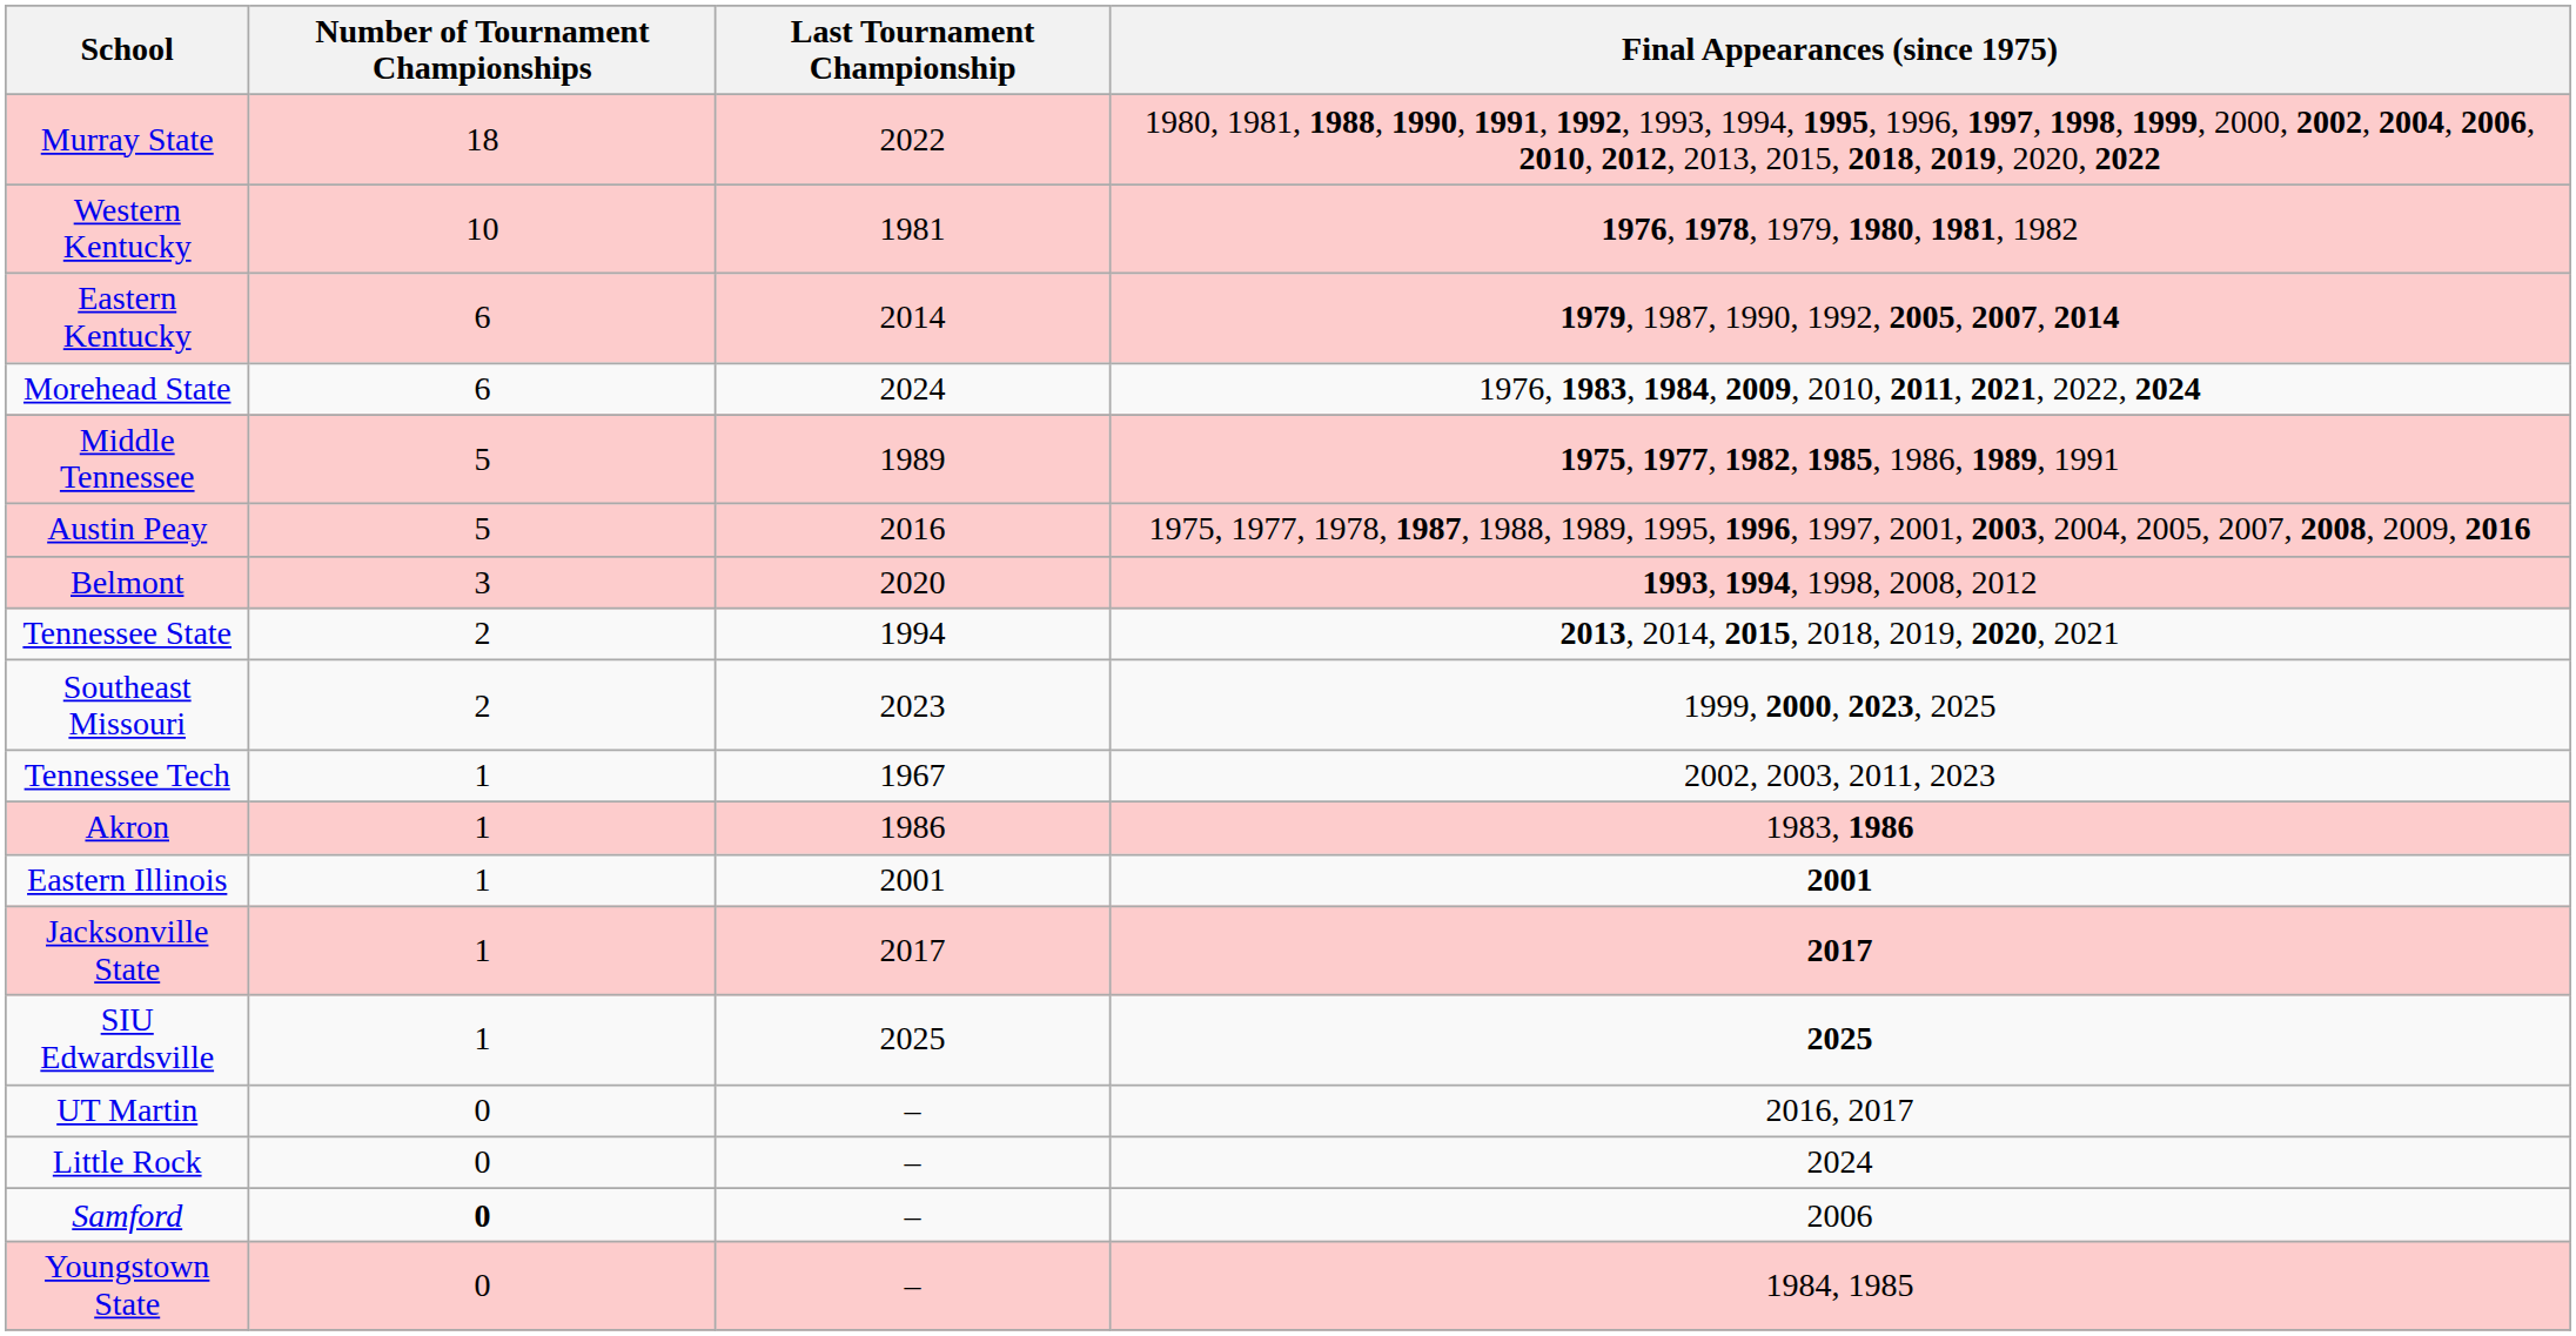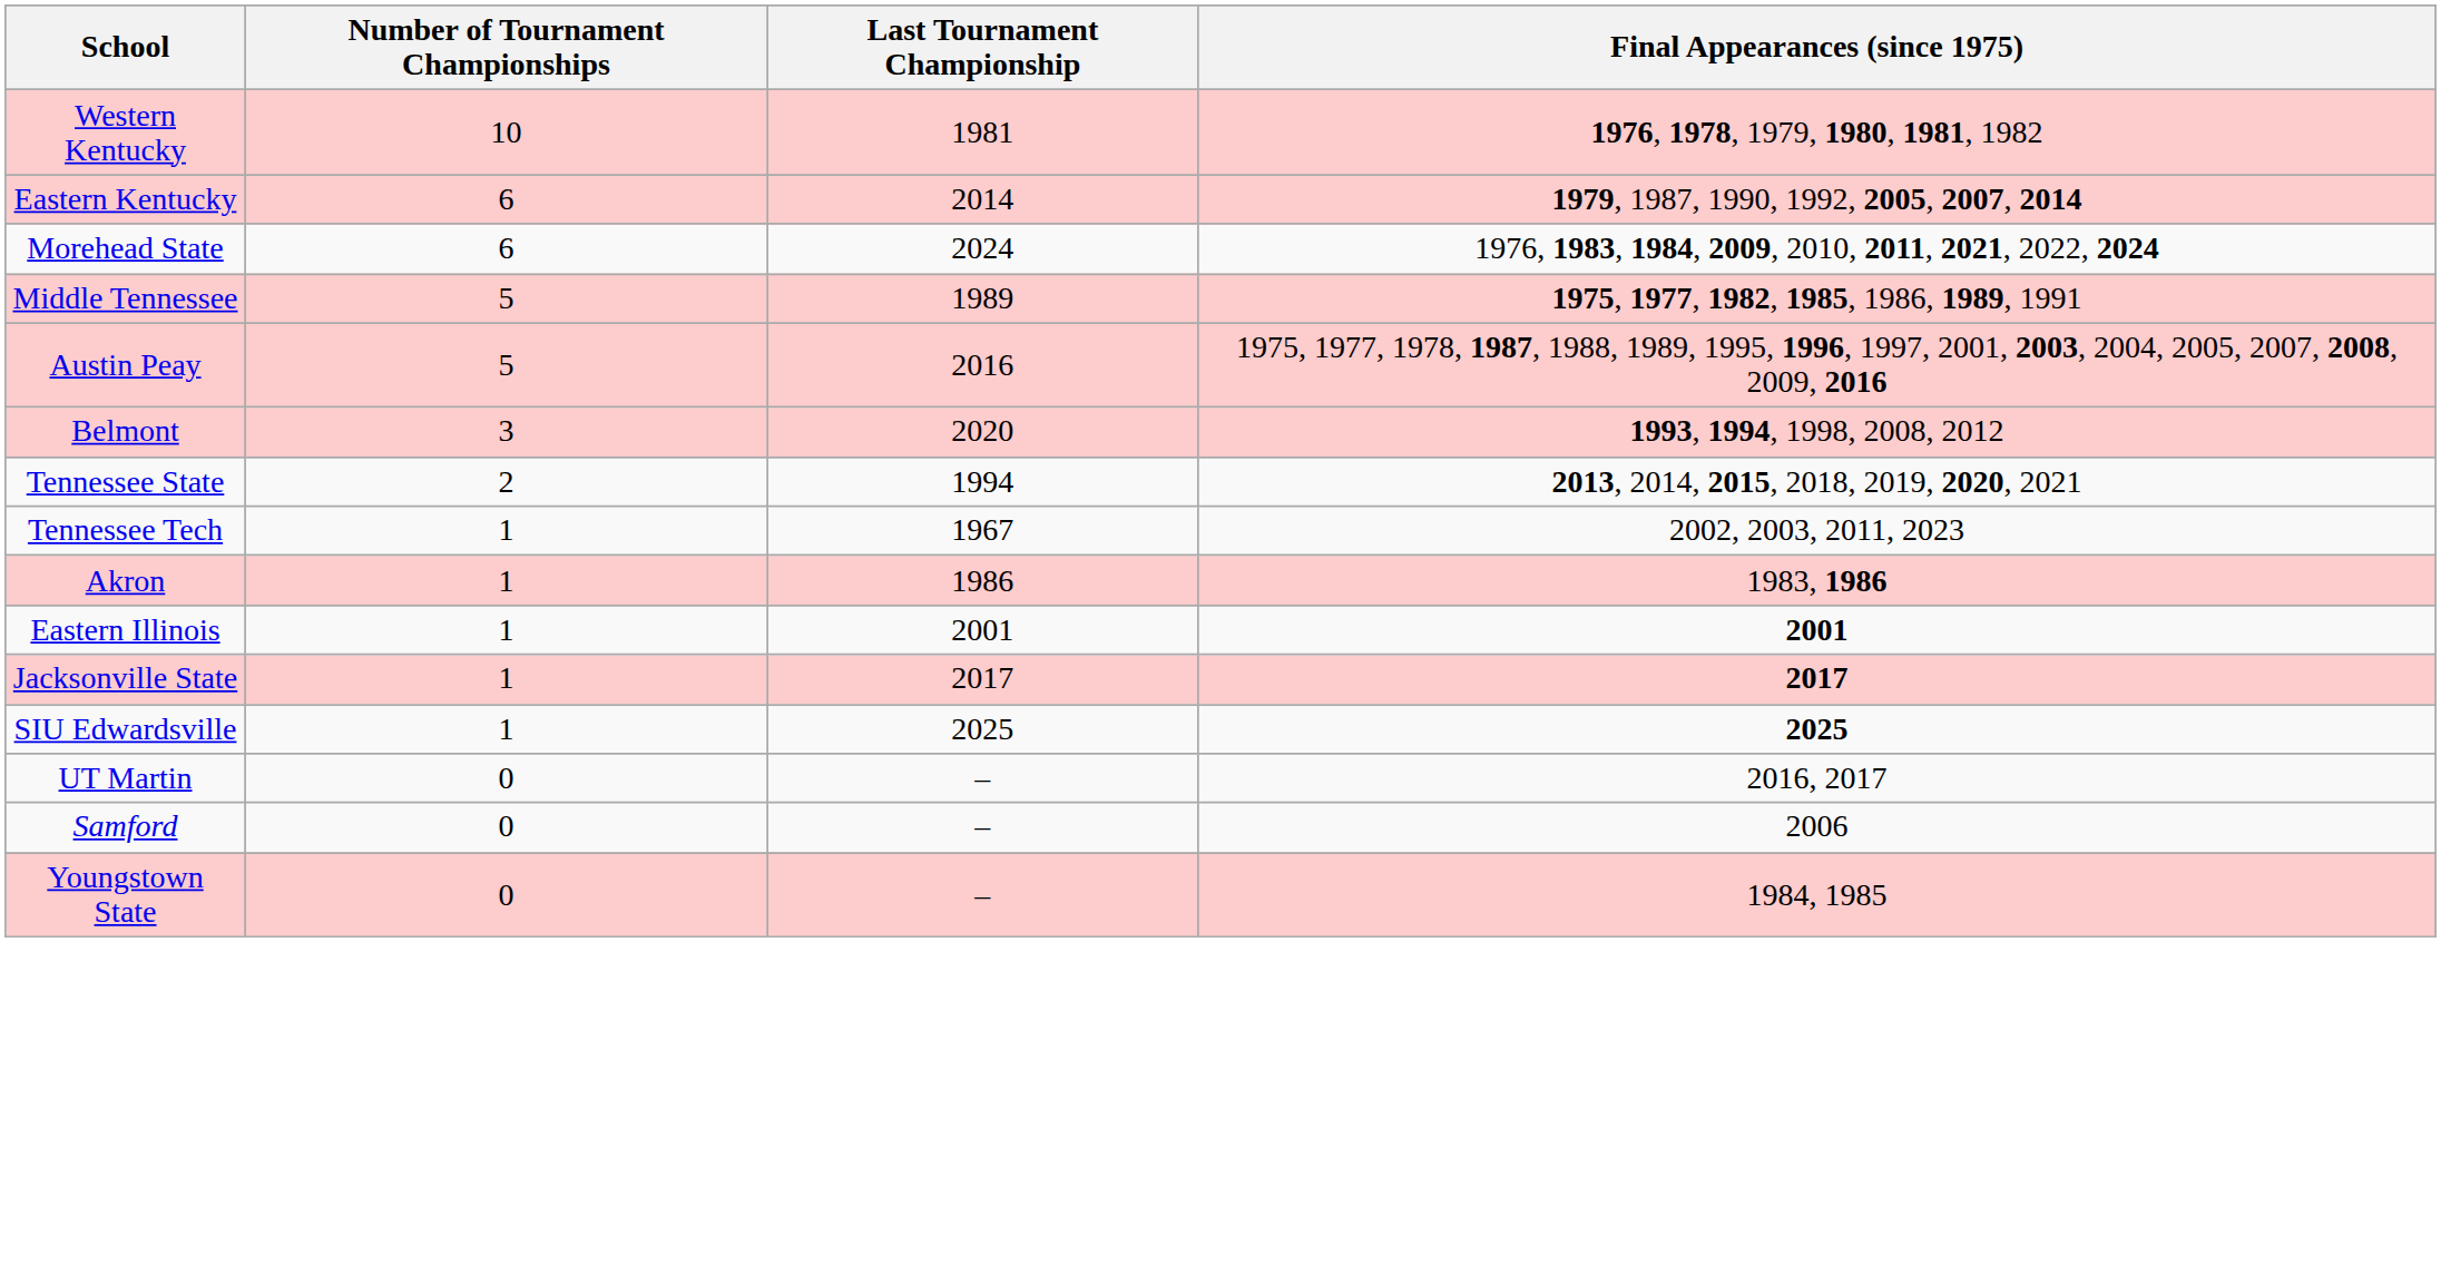 <table class="wikitable sortable" style="text-align:center">
 <tr>
 <th width=px>School</th>
 <th width=px>Number of Tournament Championships</th>
 <th width=px>Last Tournament Championship</th>
 <th width=px>Final Appearances (since 1975)</th>
-</tr>
-<tr bgcolor=#fdcccc>
-<td><a href='#'>Murray State</a></td>
-<td>18</td>
-<td>2022</td>
-<td>1980, 1981, <strong>1988</strong>, <strong>1990</strong>, <strong>1991</strong>, <strong>1992</strong>, 1993, 1994, <strong>1995</strong>, 1996, <strong>1997</strong>, <strong>1998</strong>, <strong>1999</strong>, 2000, <strong>2002</strong>, <strong>2004</strong>, <strong>2006</strong>, <strong>2010</strong>, <strong>2012</strong>, 2013, 2015, <strong>2018</strong>, <strong>2019</strong>, 2020, <strong>2022</strong></td>
 </tr>
 <tr bgcolor=#fdcccc>
 <td><a href='#'>Western Kentucky</a></td>
 <td>10</td>
 <td>1981</td>
 <td><strong>1976</strong>, <strong>1978</strong>, 1979, <strong>1980</strong>, <strong>1981</strong>, 1982</td>
 </tr>
 <tr bgcolor=#fdcccc>
 <td><a href='#'>Eastern Kentucky</a></td>
 <td>6</td>
 <td>2014</td>
 <td><strong>1979</strong>, 1987, 1990, 1992, <strong>2005</strong>, <strong>2007</strong>, <strong>2014</strong></td>
 </tr>
 <tr>
 <td><a href='#'>Morehead State</a></td>
 <td>6</td>
 <td>2024</td>
 <td>1976, <strong>1983</strong>, <strong>1984</strong>, <strong>2009</strong>, 2010, <strong>2011</strong>, <strong>2021</strong>, 2022, <strong>2024</strong></td>
 </tr>
 <tr bgcolor=#fdcccc>
 <td><a href='#'>Middle Tennessee</a></td>
 <td>5</td>
 <td>1989</td>
 <td><strong>1975</strong>, <strong>1977</strong>, <strong>1982</strong>, <strong>1985</strong>, 1986, <strong>1989</strong>, 1991</td>
 </tr>
 <tr bgcolor=#fdcccc>
 <td><a href='#'>Austin Peay</a></td>
 <td>5</td>
 <td>2016</td>
 <td>1975, 1977, 1978, <strong>1987</strong>, 1988, 1989, 1995, <strong>1996</strong>, 1997, 2001, <strong>2003</strong>, 2004, 2005, 2007, <strong>2008</strong>, 2009, <strong>2016</strong></td>
 </tr>
 <tr bgcolor=#fdcccc>
 <td><a href='#'>Belmont</a></td>
 <td>3</td>
 <td>2020</td>
 <td><strong>1993</strong>, <strong>1994</strong>, 1998, 2008, 2012</td>
 </tr>
 <tr>
 <td><a href='#'>Tennessee State</a></td>
 <td>2</td>
 <td>1994</td>
 <td><strong>2013</strong>, 2014, <strong>2015</strong>, 2018, 2019, <strong>2020</strong>, 2021</td>
 </tr>
 <tr>
-<td><a href='#'>Southeast Missouri</a></td>
-<td>2</td>
-<td>2023</td>
-<td>1999, <strong>2000</strong>, <strong>2023</strong>, 2025</td>
-</tr>
-<tr>
 <td><a href='#'>Tennessee Tech</a></td>
 <td>1</td>
 <td>1967</td>
 <td>2002, 2003, 2011, 2023</td>
 </tr>
 <tr bgcolor=#fdcccc>
 <td><a href='#'>Akron</a></td>
 <td>1</td>
 <td>1986</td>
 <td>1983, <strong>1986</strong></td>
 </tr>
 <tr>
 <td><a href='#'>Eastern Illinois</a></td>
 <td>1</td>
 <td>2001</td>
 <td><strong>2001</strong></td>
 </tr>
 <tr bgcolor=#fdcccc>
 <td><a href='#'>Jacksonville State</a></td>
 <td>1</td>
 <td>2017</td>
 <td><strong>2017</strong></td>
 </tr>
 <tr>
 <td><a href='#'>SIU Edwardsville</a></td>
 <td>1</td>
 <td>2025</td>
 <td><strong>2025</strong></td>
 </tr>
 <tr>
 <td><a href='#'>UT Martin</a></td>
 <td>0</td>
 <td>–</td>
 <td>2016, 2017</td>
 </tr>
 <tr>
-<td><a href='#'>Little Rock</a></td>
+<td><em><a href='#'>Samford</a></td>
 <td>0</td>
-<td>–</td>
-<td>2024</td>
-</tr>
-<tr>
-<td><em><a href='#'>Samford</a></td>
-<td><strong>0</strong></td>
 <td>–</td>
 <td>2006</td>
 </tr>
 <tr bgcolor=#fdcccc>
 <td><a href='#'>Youngstown State</a></td>
 <td>0</td>
 <td>–</td>
 <td>1984, 1985</td>
 </tr>
 </table>
